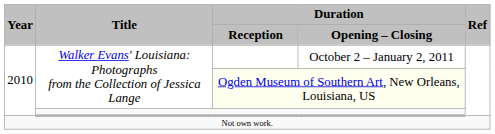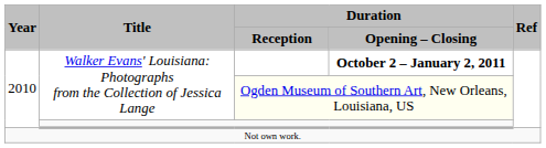 <table class="wikitable">
 <tr>
 <th rowspan=2 style=background-color:#C0C0C0 width=4%>Year</th>
 <th rowspan=2 style=background-color:#C0C0C0 width=38%>Title</th>
 <th colspan=2 style=background-color:#C0C0C0 width=54%>Duration</th>
 <th rowspan=2 style=background-color:#C0C0C0 width=4%>Ref</th>
 </tr>
 <tr>
 <th style=background-color:#C0C0C0 width=18%>Reception</th>
 <th style=background-color:#C0C0C0 width=36%>Opening – Closing</th>
 </tr>
 <tr>
 <td rowspan=3 align=center style=background:white>2010</td>
 <td rowspan=2 align=center style=background:white><em><a href='#'>Walker Evans</a>' Louisiana: Photographs <br>from the Collection of Jessica Lange</em></td>
 <td align=center style=background:white></td>
-<td align=center style=background:white>October 2 – January 2, 2011</td>
+<td align=center style=background:white><strong>October 2 – January 2, 2011</strong></td>
 <td rowspan=3 align=center style=background:white width=4%></td>
 </tr>
 <tr>
 <td colspan=2 align=center style=background-color:#FFFFF0><a href='#'>Ogden Museum of Southern Art</a>, New Orleans, Louisiana, US</td>
 </tr>
 <tr>
 <td colspan=3 style=border-bottom-width:3px padding:5px width=92%></td>
 </tr>
 <tr>
 <td colspan=5 style=font-size:8pt align=center width=100%>Not own work.</td>
 </tr>
 </table>
